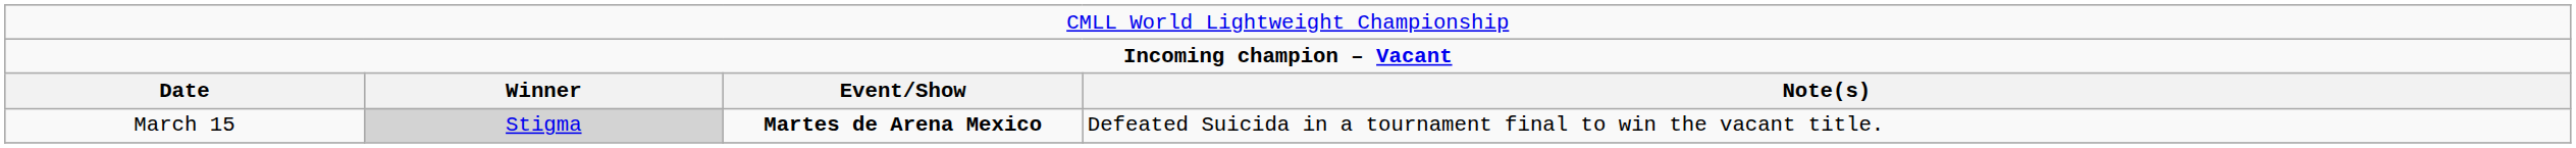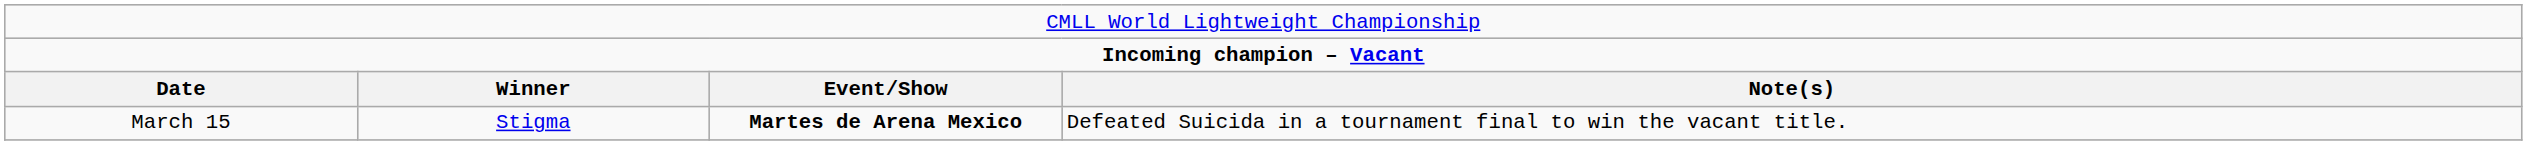 <table class="wikitable" style="text-align:center; width:100%;">
 <tr>
 <td colspan="4" style="text-align: center;"><a href='#'>CMLL World Lightweight Championship</a></td>
 </tr>
 <tr>
 <td colspan="4" style="text-align: center;"><strong>Incoming champion – <a href='#'>Vacant</a></strong></td>
 </tr>
 <tr>
 <th width=14%>Date</th>
 <th width=14%>Winner</th>
 <th width=14%>Event/Show</th>
 <th width=58%>Note(s)</th>
 </tr>
 <tr>
 <td>March 15</td>
-<td style="background: lightgrey;"><a href='#'>Stigma</a></td>
+<td><a href='#'>Stigma</a></td>
 <td><strong>Martes de Arena Mexico</strong></td>
 <td align=left>Defeated Suicida in a tournament final to win the vacant title.</td>
 </tr>
 </table>
